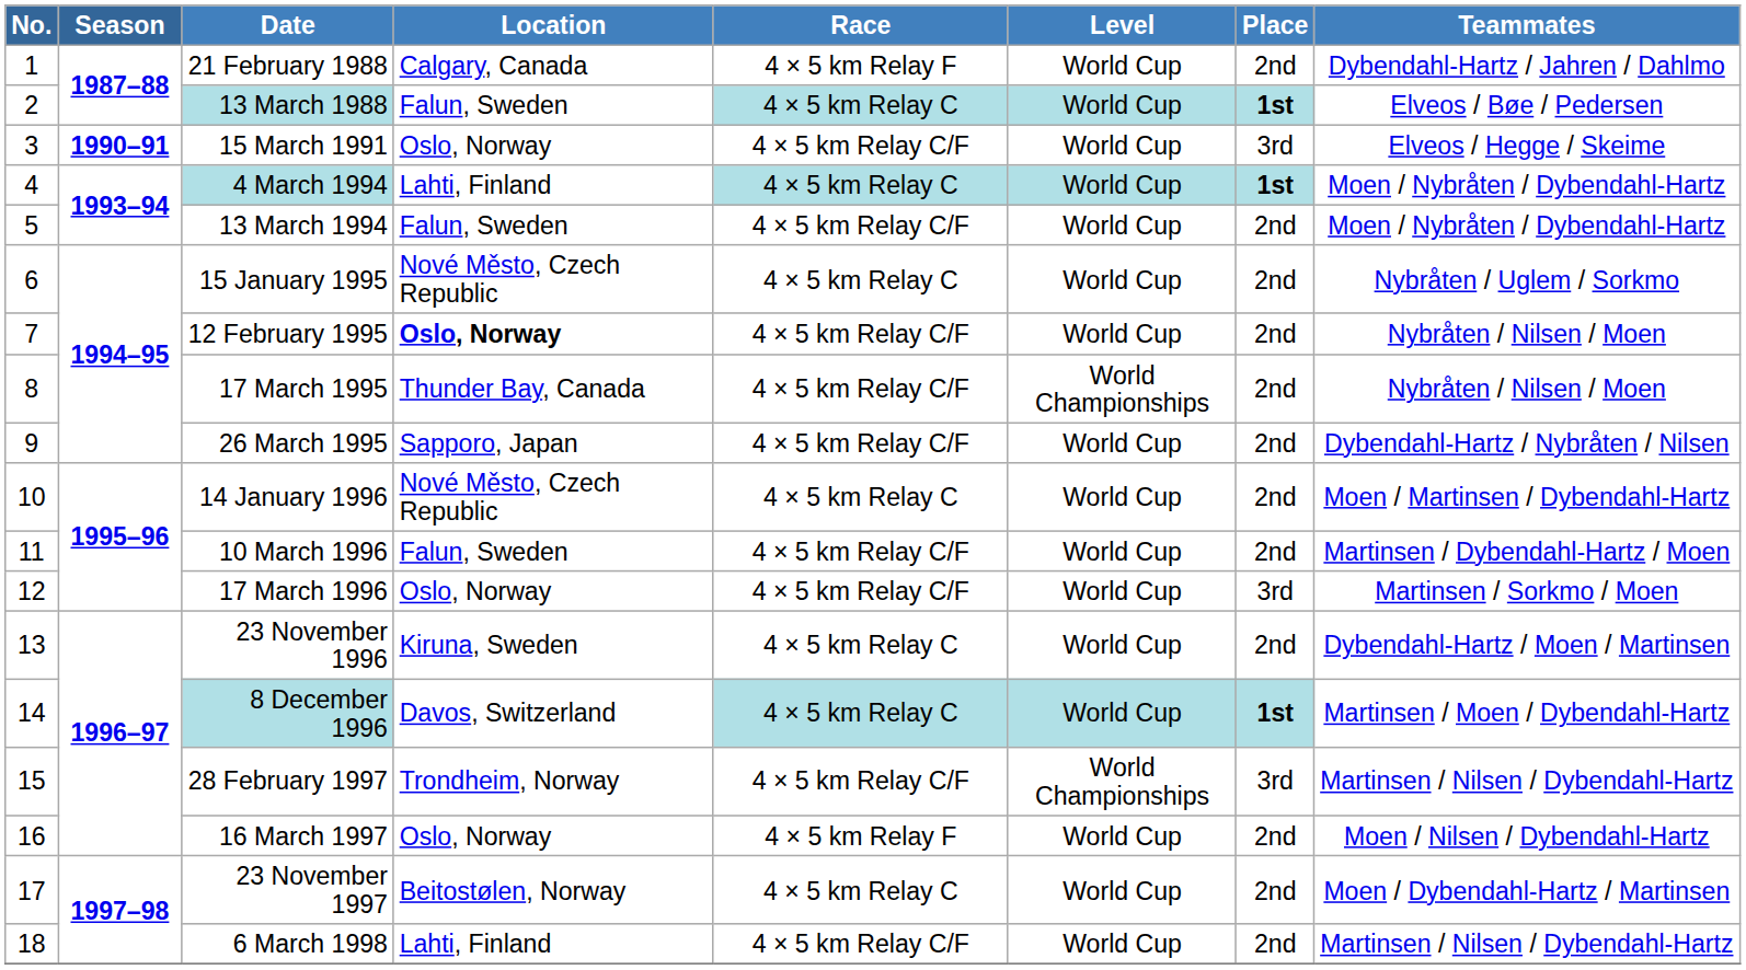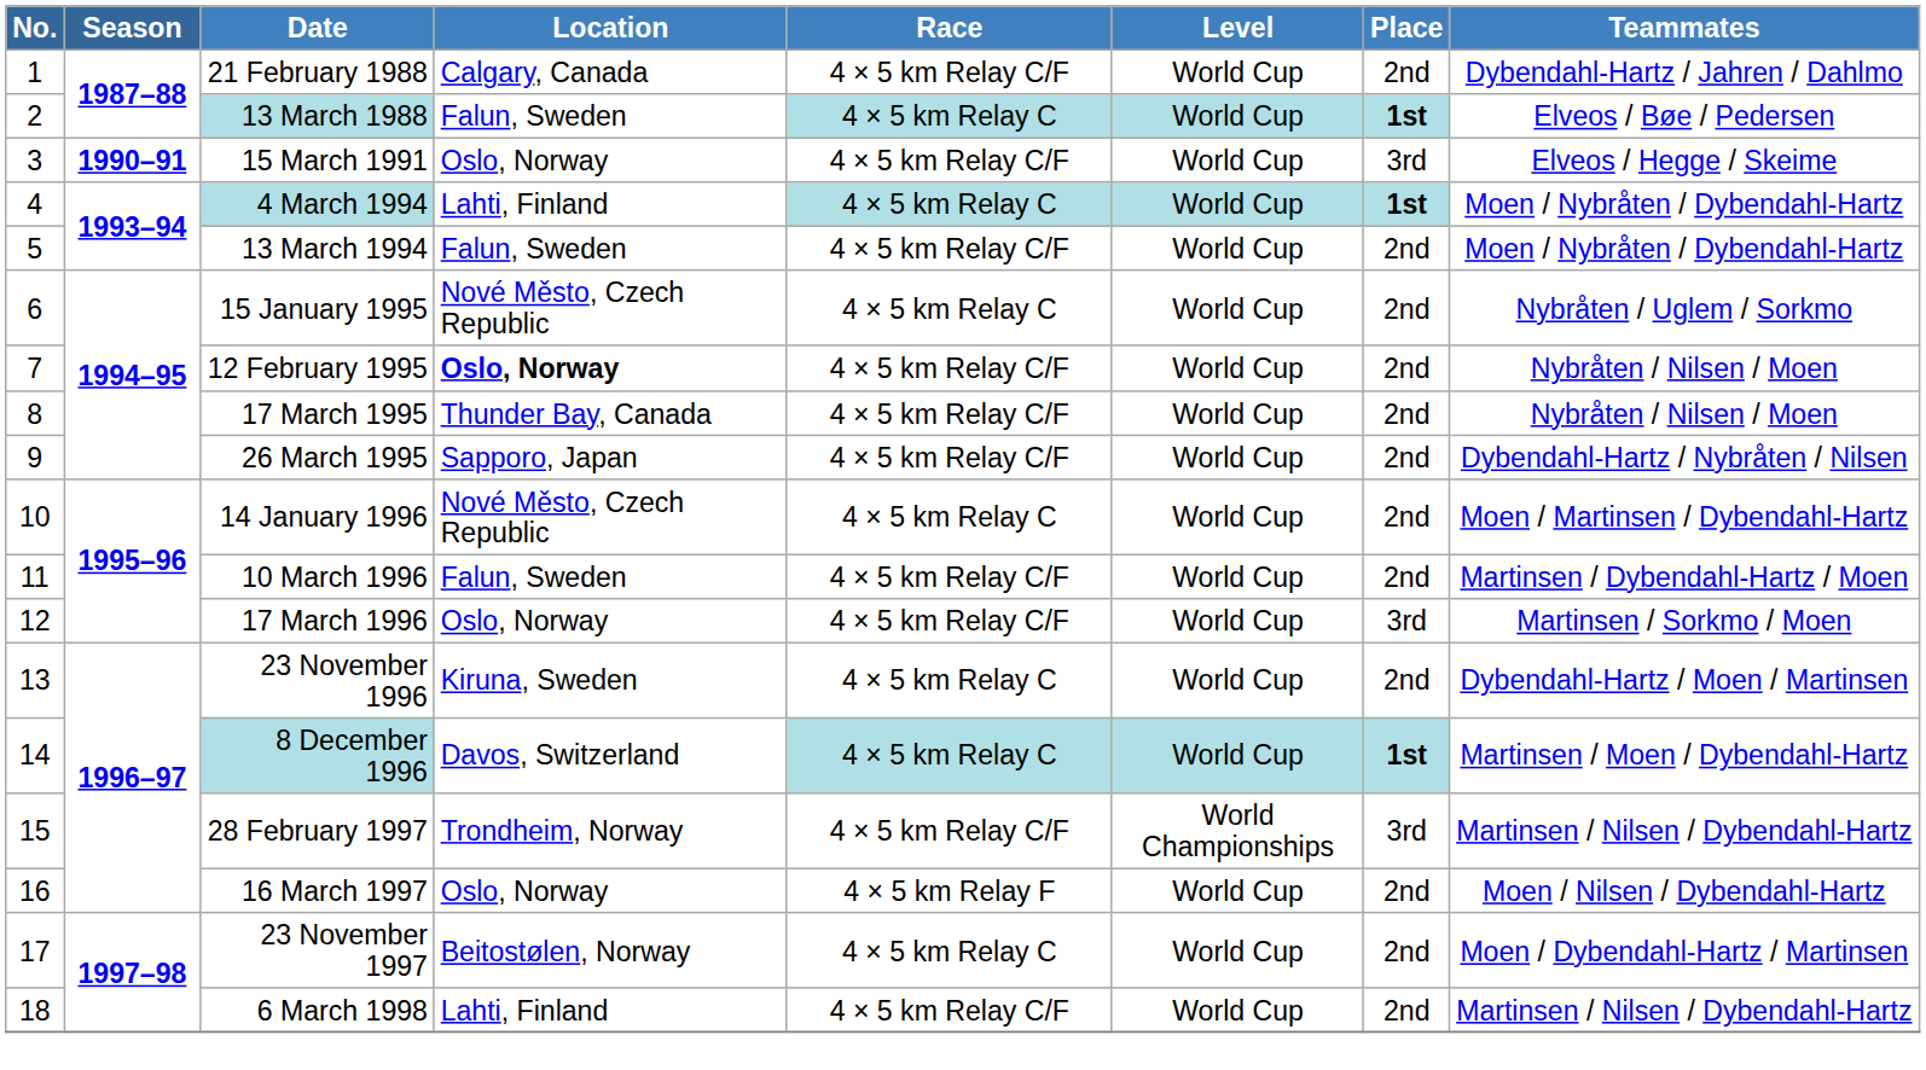 <table class="wikitable sortable" style="font-size:95%; text-align:center; border:grey solid 1px; border-collapse:collapse; background:#ffffff;">
 <tr style="background:#efefef;">
 <th style="background-color:#369; color:white;">No.</th>
 <th style="background-color:#369; color:white;">Season</th>
 <th style="background-color:#4180be; color:white; width:120px;">Date</th>
 <th style="background-color:#4180be; color:white; width:185px;">Location</th>
 <th style="background-color:#4180be; color:white; width:170px;">Race</th>
 <th style="background-color:#4180be; color:white; width:130px;">Level</th>
 <th style="background-color:#4180be; color:white;">Place</th>
 <th style="background-color:#4180be; color:white;">Teammates</th>
 </tr>
 <tr>
 <td align=center>1</td>
 <td rowspan=2 align=center><strong> <a href='#'>1987–88</a> </strong></td>
 <td align=right>21 February 1988</td>
 <td align=left> <a href='#'>Calgary</a>, Canada</td>
-<td>4 × 5 km Relay F</td>
+<td>4 × 5 km Relay C/F</td>
 <td>World Cup</td>
 <td>2nd</td>
 <td><a href='#'>Dybendahl-Hartz</a> / <a href='#'>Jahren</a> / <a href='#'>Dahlmo</a></td>
 </tr>
 <tr>
 <td align=center>2</td>
 <td bgcolor="#BOEOE6" align=right>13 March 1988</td>
 <td align=left> <a href='#'>Falun</a>, Sweden</td>
 <td bgcolor="#BOEOE6">4 × 5 km Relay C</td>
 <td bgcolor="#BOEOE6">World Cup</td>
 <td bgcolor="#BOEOE6"><strong>1st</strong></td>
 <td><a href='#'>Elveos</a> / <a href='#'>Bøe</a> / <a href='#'>Pedersen</a></td>
 </tr>
 <tr>
 <td align=center>3</td>
 <td rowspan=1 align=center><strong> <a href='#'>1990–91</a> </strong></td>
 <td align=right>15 March 1991</td>
 <td align=left> <a href='#'>Oslo</a>, Norway</td>
 <td>4 × 5 km Relay C/F</td>
 <td>World Cup</td>
 <td>3rd</td>
 <td><a href='#'>Elveos</a> / <a href='#'>Hegge</a> / <a href='#'>Skeime</a></td>
 </tr>
 <tr>
 <td align=center>4</td>
 <td rowspan=2 align=center><strong><a href='#'>1993–94</a></strong></td>
 <td bgcolor="#BOEOE6" align=right>4 March 1994</td>
 <td align=left> <a href='#'>Lahti</a>, Finland</td>
 <td bgcolor="#BOEOE6">4 × 5 km Relay C</td>
 <td bgcolor="#BOEOE6">World Cup</td>
 <td bgcolor="#BOEOE6"><strong>1st</strong></td>
 <td><a href='#'>Moen</a> / <a href='#'>Nybråten</a> / <a href='#'>Dybendahl-Hartz</a></td>
 </tr>
 <tr>
 <td align=center>5</td>
 <td align=right>13 March 1994</td>
 <td align=left> <a href='#'>Falun</a>, Sweden</td>
 <td>4 × 5 km Relay C/F</td>
 <td>World Cup</td>
 <td>2nd</td>
 <td><a href='#'>Moen</a> / <a href='#'>Nybråten</a> / <a href='#'>Dybendahl-Hartz</a></td>
 </tr>
 <tr>
 <td align=center>6</td>
 <td rowspan=4 align=center><strong> <a href='#'>1994–95</a> </strong></td>
 <td align=right>15 January 1995</td>
 <td align=left> <a href='#'>Nové Město</a>, Czech Republic</td>
 <td>4 × 5 km Relay C</td>
 <td>World Cup</td>
 <td>2nd</td>
 <td><a href='#'>Nybråten</a> / <a href='#'>Uglem</a> / <a href='#'>Sorkmo</a></td>
 </tr>
 <tr>
 <td align=center>7</td>
 <td align=right>12 February 1995</td>
 <td align=left><strong> <a href='#'>Oslo</a>, Norway</strong></td>
 <td>4 × 5 km Relay C/F</td>
 <td>World Cup</td>
 <td>2nd</td>
 <td><a href='#'>Nybråten</a> / <a href='#'>Nilsen</a> / <a href='#'>Moen</a></td>
 </tr>
 <tr>
 <td align=center>8</td>
 <td align=right>17 March 1995</td>
 <td align=left> <a href='#'>Thunder Bay</a>, Canada</td>
 <td>4 × 5 km Relay C/F</td>
-<td>World Championships</td>
+<td>World Cup</td>
 <td>2nd</td>
 <td><a href='#'>Nybråten</a> / <a href='#'>Nilsen</a> / <a href='#'>Moen</a></td>
 </tr>
 <tr>
 <td align=center>9</td>
 <td align=right>26 March 1995</td>
 <td align=left> <a href='#'>Sapporo</a>, Japan</td>
 <td>4 × 5 km Relay C/F</td>
 <td>World Cup</td>
 <td>2nd</td>
 <td><a href='#'>Dybendahl-Hartz</a> / <a href='#'>Nybråten</a> / <a href='#'>Nilsen</a></td>
 </tr>
 <tr>
 <td align=center>10</td>
 <td rowspan=3 align=center><strong> <a href='#'>1995–96</a> </strong></td>
 <td align=right>14 January 1996</td>
 <td align=left> <a href='#'>Nové Město</a>, Czech Republic</td>
 <td>4 × 5 km Relay C</td>
 <td>World Cup</td>
 <td>2nd</td>
 <td><a href='#'>Moen</a> / <a href='#'>Martinsen</a> / <a href='#'>Dybendahl-Hartz</a></td>
 </tr>
 <tr>
 <td align=center>11</td>
 <td align=right>10 March 1996</td>
 <td align=left> <a href='#'>Falun</a>, Sweden</td>
 <td>4 × 5 km Relay C/F</td>
 <td>World Cup</td>
 <td>2nd</td>
 <td><a href='#'>Martinsen</a> / <a href='#'>Dybendahl-Hartz</a> / <a href='#'>Moen</a></td>
 </tr>
 <tr>
 <td align=center>12</td>
 <td align=right>17 March 1996</td>
 <td align=left> <a href='#'>Oslo</a>, Norway</td>
 <td>4 × 5 km Relay C/F</td>
 <td>World Cup</td>
 <td>3rd</td>
 <td><a href='#'>Martinsen</a> / <a href='#'>Sorkmo</a> / <a href='#'>Moen</a></td>
 </tr>
 <tr>
 <td align=center>13</td>
 <td rowspan=4 align=center><strong> <a href='#'>1996–97</a> </strong></td>
 <td align=right>23 November 1996</td>
 <td align=left> <a href='#'>Kiruna</a>, Sweden</td>
 <td>4 × 5 km Relay C</td>
 <td>World Cup</td>
 <td>2nd</td>
 <td><a href='#'>Dybendahl-Hartz</a> / <a href='#'>Moen</a> / <a href='#'>Martinsen</a></td>
 </tr>
 <tr>
 <td align=center>14</td>
 <td bgcolor="#BOEOE6" align=right>8 December 1996</td>
 <td align=left> <a href='#'>Davos</a>, Switzerland</td>
 <td bgcolor="#BOEOE6">4 × 5 km Relay C</td>
 <td bgcolor="#BOEOE6">World Cup</td>
 <td bgcolor="#BOEOE6"><strong>1st</strong></td>
 <td><a href='#'>Martinsen</a> / <a href='#'>Moen</a> / <a href='#'>Dybendahl-Hartz</a></td>
 </tr>
 <tr>
 <td align=center>15</td>
 <td align=right>28 February 1997</td>
 <td align=left> <a href='#'>Trondheim</a>, Norway</td>
 <td>4 × 5 km Relay C/F</td>
 <td>World Championships</td>
 <td>3rd</td>
 <td><a href='#'>Martinsen</a> / <a href='#'>Nilsen</a> / <a href='#'>Dybendahl-Hartz</a></td>
 </tr>
 <tr>
 <td align=center>16</td>
 <td align=right>16 March 1997</td>
 <td align=left> <a href='#'>Oslo</a>, Norway</td>
 <td>4 × 5 km Relay F</td>
 <td>World Cup</td>
 <td>2nd</td>
 <td><a href='#'>Moen</a> / <a href='#'>Nilsen</a> / <a href='#'>Dybendahl-Hartz</a></td>
 </tr>
 <tr>
 <td align=center>17</td>
 <td rowspan=2 align=center><strong> <a href='#'>1997–98</a> </strong></td>
 <td align=right>23 November 1997</td>
 <td align=left> <a href='#'>Beitostølen</a>, Norway</td>
 <td>4 × 5 km Relay C</td>
 <td>World Cup</td>
 <td>2nd</td>
 <td><a href='#'>Moen</a> / <a href='#'>Dybendahl-Hartz</a> / <a href='#'>Martinsen</a></td>
 </tr>
 <tr>
 <td align=center>18</td>
 <td align=right>6 March 1998</td>
 <td align=left> <a href='#'>Lahti</a>, Finland</td>
 <td>4 × 5 km Relay C/F</td>
 <td>World Cup</td>
 <td>2nd</td>
 <td><a href='#'>Martinsen</a> / <a href='#'>Nilsen</a> / <a href='#'>Dybendahl-Hartz</a></td>
 </tr>
 <tr>
 </tr>
 </table>
